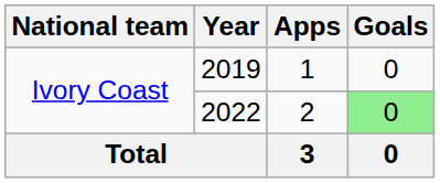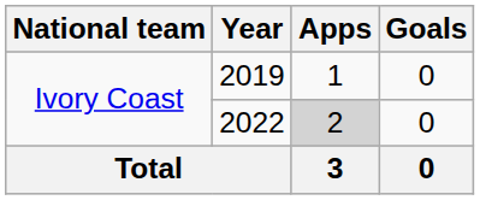 <table class="wikitable" style="text-align:center">
 <tr>
 <th>National team</th>
 <th>Year</th>
 <th>Apps</th>
 <th>Goals</th>
 </tr>
 <tr>
 <td rowspan=2><a href='#'>Ivory Coast</a></td>
 <td>2019</td>
 <td>1</td>
 <td>0</td>
 </tr>
 <tr>
 <td>2022</td>
-<td>2</td>
-<td style="background: lightgreen;">0</td>
+<td style="background: lightgrey;">2</td>
+<td>0</td>
 </tr>
 <tr>
 <th colspan="2">Total</th>
 <th>3</th>
 <th>0</th>
 </tr>
 </table>
